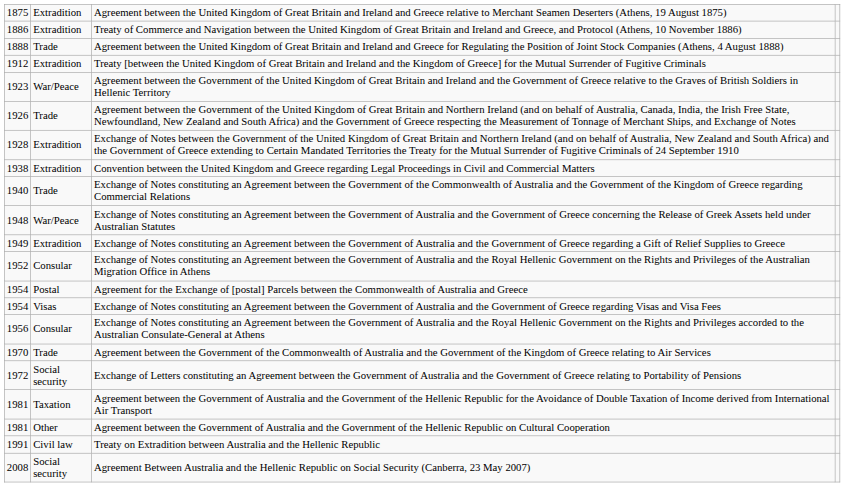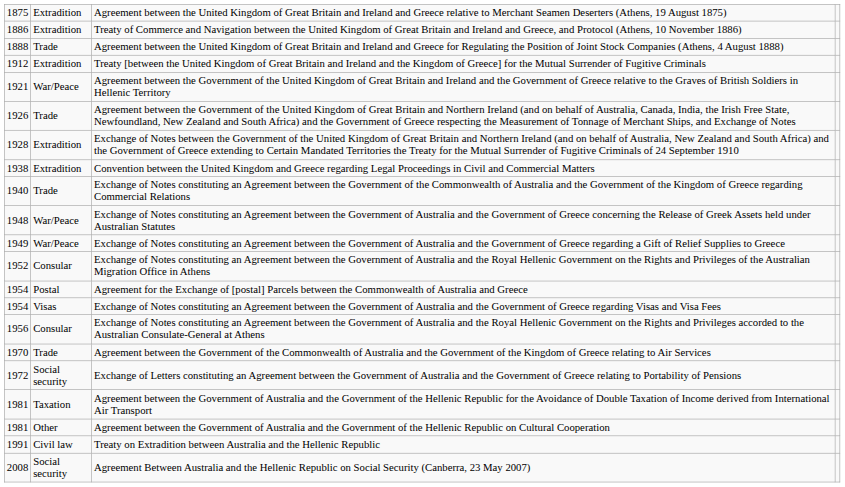 <table class="wikitable sortable">
 <tr>
 <td>1875</td>
 <td>Extradition</td>
 <td>Agreement between the United Kingdom of Great Britain and Ireland and Greece relative to Merchant Seamen Deserters (Athens, 19 August 1875)</td>
 <td></td>
 </tr>
 <tr>
 <td>1886</td>
 <td>Extradition</td>
 <td>Treaty of Commerce and Navigation between the United Kingdom of Great Britain and Ireland and Greece, and Protocol (Athens, 10 November 1886)</td>
 <td></td>
 </tr>
 <tr>
 <td>1888</td>
 <td>Trade</td>
 <td>Agreement between the United Kingdom of Great Britain and Ireland and Greece for Regulating the Position of Joint Stock Companies (Athens, 4 August 1888)</td>
 <td></td>
 </tr>
 <tr>
 <td>1912</td>
 <td>Extradition</td>
 <td>Treaty [between the United Kingdom of Great Britain and Ireland and the Kingdom of Greece] for the Mutual Surrender of Fugitive Criminals</td>
 <td></td>
 </tr>
 <tr>
-<td>1923</td>
+<td>1921</td>
 <td>War/Peace</td>
 <td>Agreement between the Government of the United Kingdom of Great Britain and Ireland and the Government of Greece relative to the Graves of British Soldiers in Hellenic Territory</td>
 <td></td>
 </tr>
 <tr>
 <td>1926</td>
 <td>Trade</td>
 <td>Agreement between the Government of the United Kingdom of Great Britain and Northern Ireland (and on behalf of Australia, Canada, India, the Irish Free State, Newfoundland, New Zealand and South Africa) and the Government of Greece respecting the Measurement of Tonnage of Merchant Ships, and Exchange of Notes</td>
 <td></td>
 </tr>
 <tr>
 <td>1928</td>
 <td>Extradition</td>
 <td>Exchange of Notes between the Government of the United Kingdom of Great Britain and Northern Ireland (and on behalf of Australia, New Zealand and South Africa) and the Government of Greece extending to Certain Mandated Territories the Treaty for the Mutual Surrender of Fugitive Criminals of 24 September 1910</td>
 <td></td>
 </tr>
 <tr>
 <td>1938</td>
 <td>Extradition</td>
 <td>Convention between the United Kingdom and Greece regarding Legal Proceedings in Civil and Commercial Matters</td>
 <td></td>
 </tr>
 <tr>
 <td>1940</td>
 <td>Trade</td>
 <td>Exchange of Notes constituting an Agreement between the Government of the Commonwealth of Australia and the Government of the Kingdom of Greece regarding Commercial Relations</td>
 <td></td>
 </tr>
 <tr>
 <td>1948</td>
 <td>War/Peace</td>
 <td>Exchange of Notes constituting an Agreement between the Government of Australia and the Government of Greece concerning the Release of Greek Assets held under Australian Statutes</td>
 <td></td>
 </tr>
 <tr>
 <td>1949</td>
-<td>Extradition</td>
+<td>War/Peace</td>
 <td>Exchange of Notes constituting an Agreement between the Government of Australia and the Government of Greece regarding a Gift of Relief Supplies to Greece</td>
 <td></td>
 </tr>
 <tr>
 <td>1952</td>
 <td>Consular</td>
 <td>Exchange of Notes constituting an Agreement between the Government of Australia and the Royal Hellenic Government on the Rights and Privileges of the Australian Migration Office in Athens</td>
 <td></td>
 </tr>
 <tr>
 <td>1954</td>
 <td>Postal</td>
 <td>Agreement for the Exchange of [postal] Parcels between the Commonwealth of Australia and Greece</td>
 <td></td>
 </tr>
 <tr>
 <td>1954</td>
 <td>Visas</td>
 <td>Exchange of Notes constituting an Agreement between the Government of Australia and the Government of Greece regarding Visas and Visa Fees</td>
 <td></td>
 </tr>
 <tr>
 <td>1956</td>
 <td>Consular</td>
 <td>Exchange of Notes constituting an Agreement between the Government of Australia and the Royal Hellenic Government on the Rights and Privileges accorded to the Australian Consulate-General at Athens</td>
 <td></td>
 </tr>
 <tr>
 <td>1970</td>
 <td>Trade</td>
 <td>Agreement between the Government of the Commonwealth of Australia and the Government of the Kingdom of Greece relating to Air Services</td>
 <td></td>
 </tr>
 <tr>
 <td>1972</td>
 <td>Social security</td>
 <td>Exchange of Letters constituting an Agreement between the Government of Australia and the Government of Greece relating to Portability of Pensions</td>
 <td></td>
 </tr>
 <tr>
 <td>1981</td>
 <td>Taxation</td>
 <td>Agreement between the Government of Australia and the Government of the Hellenic Republic for the Avoidance of Double Taxation of Income derived from International Air Transport</td>
 <td></td>
 </tr>
 <tr>
 <td>1981</td>
 <td>Other</td>
 <td>Agreement between the Government of Australia and the Government of the Hellenic Republic on Cultural Cooperation</td>
 <td></td>
 </tr>
 <tr>
 <td>1991</td>
 <td>Civil law</td>
 <td>Treaty on Extradition between Australia and the Hellenic Republic</td>
 <td></td>
 </tr>
 <tr>
 <td>2008</td>
 <td>Social security</td>
 <td>Agreement Between Australia and the Hellenic Republic on Social Security (Canberra, 23 May 2007)</td>
 <td></td>
 </tr>
 </table>
